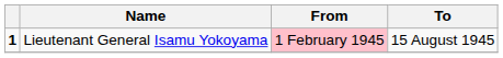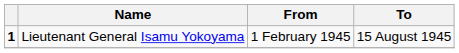 <table class=wikitable>
 <tr>
 <th></th>
 <th>Name</th>
 <th>From</th>
 <th>To</th>
 </tr>
 <tr>
 <td><strong>1</strong></td>
 <td>Lieutenant General <a href='#'>Isamu Yokoyama</a></td>
-<td style="background: pink;">1 February 1945</td>
+<td>1 February 1945</td>
 <td>15 August 1945</td>
 </tr>
 <tr>
 </tr>
 </table>
